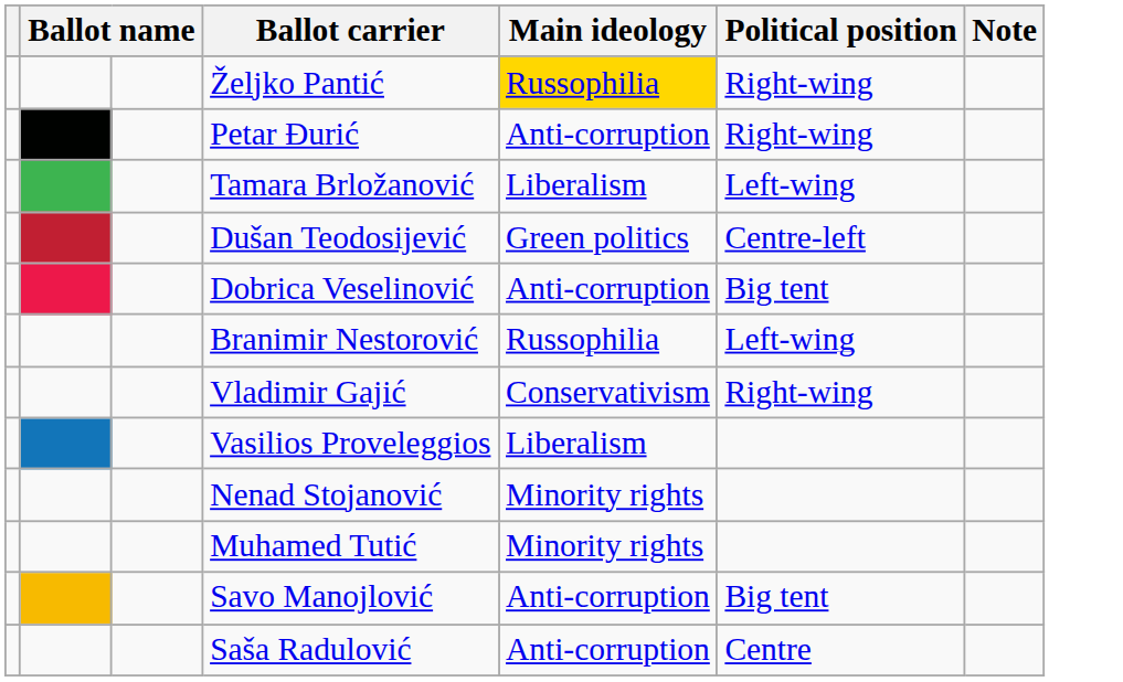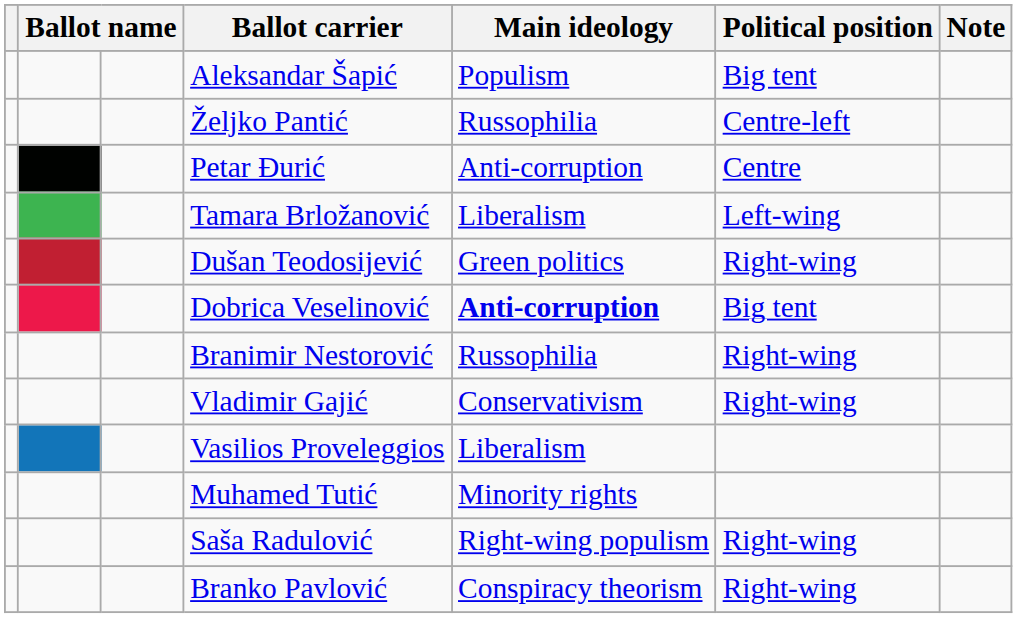 <table class="wikitable">
 <tr>
 <th></th>
 <th colspan="2">Ballot name</th>
 <th>Ballot carrier</th>
 <th>Main ideology</th>
 <th>Political position</th>
 <th>Note</th>
 </tr>
 <tr>
 <td></td>
 <td style="background:"></td>
 <td></td>
+<td><a href='#'>Aleksandar Šapić</a></td>
+<td><a href='#'>Populism</a></td>
+<td><a href='#'>Big tent</a></td>
+<td></td>
+</tr>
+<tr>
+<td></td>
+<td style="background:"></td>
+<td></td>
 <td><a href='#'>Željko Pantić</a></td>
-<td style="background: gold;"><a href='#'>Russophilia</a></td>
-<td><a href='#'>Right-wing</a></td>
+<td><a href='#'>Russophilia</a></td>
+<td><a href='#'>Centre-left</a></td>
 <td></td>
 </tr>
 <tr>
 <td></td>
 <td style="background:#000200"></td>
 <td></td>
 <td><a href='#'>Petar Đurić</a></td>
 <td><a href='#'>Anti-corruption</a></td>
-<td><a href='#'>Right-wing</a></td>
+<td><a href='#'>Centre</a></td>
 <td></td>
 </tr>
 <tr>
 <td></td>
 <td style="background:#3DB450"></td>
 <td></td>
 <td><a href='#'>Tamara Brložanović</a></td>
 <td><a href='#'>Liberalism</a></td>
 <td><a href='#'>Left-wing</a></td>
 <td></td>
 </tr>
 <tr>
 <td></td>
 <td style="background:#C11F32"></td>
 <td></td>
 <td><a href='#'>Dušan Teodosijević</a></td>
 <td><a href='#'>Green politics</a></td>
-<td><a href='#'>Centre-left</a></td>
+<td><a href='#'>Right-wing</a></td>
 <td></td>
 </tr>
 <tr>
 <td></td>
 <td style="background:#ed184a"></td>
 <td></td>
 <td><a href='#'>Dobrica Veselinović</a></td>
-<td><a href='#'>Anti-corruption</a></td>
+<td><strong><a href='#'>Anti-corruption</a></strong></td>
 <td><a href='#'>Big tent</a></td>
 <td></td>
 </tr>
 <tr>
 <td></td>
 <td style="background:"></td>
 <td></td>
 <td><a href='#'>Branimir Nestorović</a></td>
 <td><a href='#'>Russophilia</a></td>
-<td><a href='#'>Left-wing</a></td>
+<td><a href='#'>Right-wing</a></td>
 <td></td>
 </tr>
 <tr>
 <td></td>
 <td style="background:"></td>
 <td></td>
 <td><a href='#'>Vladimir Gajić</a></td>
 <td><a href='#'>Conservativism</a></td>
 <td><a href='#'>Right-wing</a></td>
 <td></td>
 </tr>
 <tr>
 <td></td>
 <td style="background:#1275B9"></td>
 <td></td>
 <td><a href='#'>Vasilios Proveleggios</a></td>
 <td><a href='#'>Liberalism</a></td>
 <td></td>
 <td></td>
 </tr>
 <tr>
 <td></td>
 <td style="background:"></td>
 <td></td>
-<td><a href='#'>Nenad Stojanović</a></td>
+<td><a href='#'>Muhamed Tutić</a></td>
 <td><a href='#'>Minority rights</a></td>
 <td></td>
 <td></td>
 </tr>
 <tr>
 <td></td>
 <td style="background:"></td>
 <td></td>
-<td><a href='#'>Muhamed Tutić</a></td>
-<td><a href='#'>Minority rights</a></td>
-<td></td>
-<td></td>
-</tr>
-<tr>
-<td></td>
-<td style="background:#f7ba00"></td>
-<td></td>
-<td><a href='#'>Savo Manojlović</a></td>
-<td><a href='#'>Anti-corruption</a></td>
-<td><a href='#'>Big tent</a></td>
+<td><a href='#'>Saša Radulović</a></td>
+<td><a href='#'>Right-wing populism</a></td>
+<td><a href='#'>Right-wing</a></td>
 <td></td>
 </tr>
 <tr>
 <td></td>
 <td style="background:"></td>
 <td></td>
-<td><a href='#'>Saša Radulović</a></td>
-<td><a href='#'>Anti-corruption</a></td>
-<td><a href='#'>Centre</a></td>
+<td><a href='#'>Branko Pavlović</a></td>
+<td><a href='#'>Conspiracy theorism</a></td>
+<td><a href='#'>Right-wing</a></td>
 <td></td>
 </tr>
 </table>
